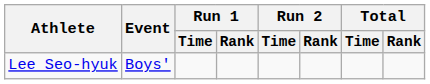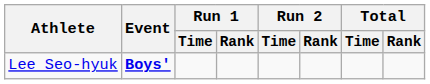 <table class="wikitable" style="font-size:90%">
 <tr>
 <th rowspan="2">Athlete</th>
 <th rowspan="2">Event</th>
 <th colspan="2">Run 1</th>
 <th colspan="2">Run 2</th>
 <th colspan="2">Total</th>
 </tr>
 <tr style="font-size:95%">
 <th>Time</th>
 <th>Rank</th>
 <th>Time</th>
 <th>Rank</th>
 <th>Time</th>
 <th>Rank</th>
 </tr>
 <tr align=center>
 <td align=left><a href='#'>Lee Seo-hyuk</a></td>
-<td align=left><a href='#'>Boys'</a></td>
+<td align=left><strong><a href='#'>Boys'</a></strong></td>
 <td></td>
 <td></td>
 <td></td>
 <td></td>
 <td></td>
 <td></td>
 </tr>
 </table>
